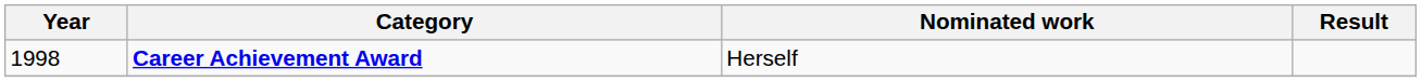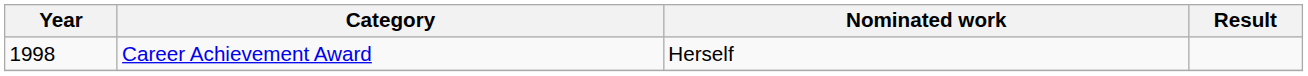 <table class=wikitable>
 <tr>
 <th scope="col" style="width:5em;">Year</th>
 <th scope="col" style="width:26em;">Category</th>
 <th scope="col" style="width:25em;">Nominated work</th>
 <th scope="col" style="width:5em;">Result</th>
 </tr>
 <tr>
 <td>1998</td>
-<td><strong><a href='#'>Career Achievement Award</a></strong></td>
+<td><a href='#'>Career Achievement Award</a></td>
 <td>Herself</td>
 <td></td>
 </tr>
 <tr>
 </tr>
 </table>
